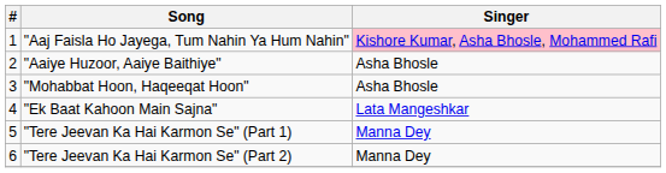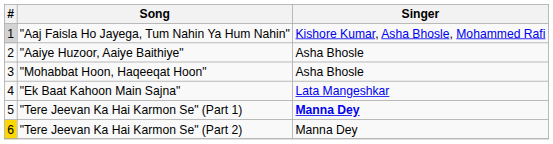 <table class="wikitable" style="font-size:95%;">
 <tr>
 <th>#</th>
 <th>Song</th>
 <th>Singer</th>
 </tr>
 <tr>
-<td>1</td>
+<td style="background: lightgrey;">1</td>
 <td>"Aaj Faisla Ho Jayega, Tum Nahin Ya Hum Nahin"</td>
-<td style="background: pink;"><a href='#'>Kishore Kumar</a>, <a href='#'>Asha Bhosle</a>, <a href='#'>Mohammed Rafi</a></td>
+<td><a href='#'>Kishore Kumar</a>, <a href='#'>Asha Bhosle</a>, <a href='#'>Mohammed Rafi</a></td>
 </tr>
 <tr>
 <td>2</td>
 <td>"Aaiye Huzoor, Aaiye Baithiye"</td>
 <td>Asha Bhosle</td>
 </tr>
 <tr>
 <td>3</td>
 <td>"Mohabbat Hoon, Haqeeqat Hoon"</td>
 <td>Asha Bhosle</td>
 </tr>
 <tr>
 <td>4</td>
 <td>"Ek Baat Kahoon Main Sajna"</td>
 <td><a href='#'>Lata Mangeshkar</a></td>
 </tr>
 <tr>
 <td>5</td>
 <td>"Tere Jeevan Ka Hai Karmon Se" (Part 1)</td>
-<td><a href='#'>Manna Dey</a></td>
+<td><strong><a href='#'>Manna Dey</a></strong></td>
 </tr>
 <tr>
-<td>6</td>
+<td style="background: gold;">6</td>
 <td>"Tere Jeevan Ka Hai Karmon Se" (Part 2)</td>
 <td>Manna Dey</td>
 </tr>
 <tr>
 </tr>
 </table>
